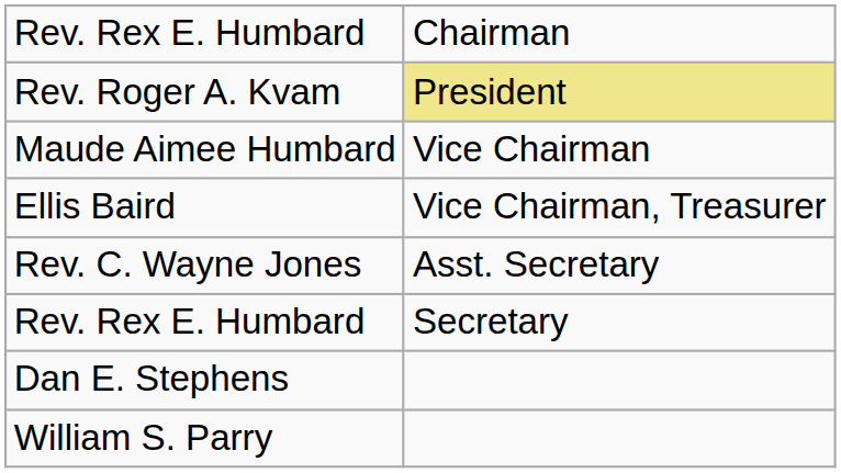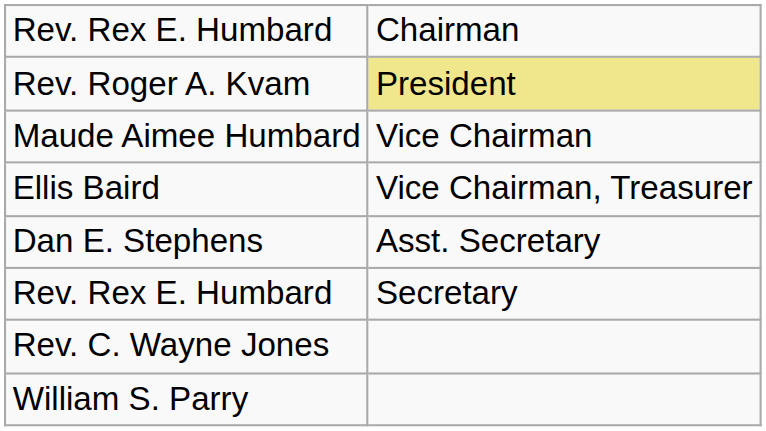 <table class="wikitable">
 <tr>
 <td>Rev. Rex E. Humbard</td>
 <td>Chairman</td>
 </tr>
 <tr>
 <td>Rev. Roger A. Kvam</td>
 <td style="background: khaki;">President</td>
 </tr>
 <tr>
 <td>Maude Aimee Humbard</td>
 <td>Vice Chairman</td>
 </tr>
 <tr>
 <td>Ellis Baird</td>
 <td>Vice Chairman, Treasurer</td>
 </tr>
 <tr>
-<td>Rev. C. Wayne Jones</td>
+<td>Dan E. Stephens</td>
 <td>Asst. Secretary</td>
 </tr>
 <tr>
 <td>Rev. Rex E. Humbard</td>
 <td>Secretary</td>
 </tr>
 <tr>
-<td>Dan E. Stephens</td>
+<td>Rev. C. Wayne Jones</td>
 <td></td>
 </tr>
 <tr>
 <td>William S. Parry</td>
 <td></td>
 </tr>
 </table>
